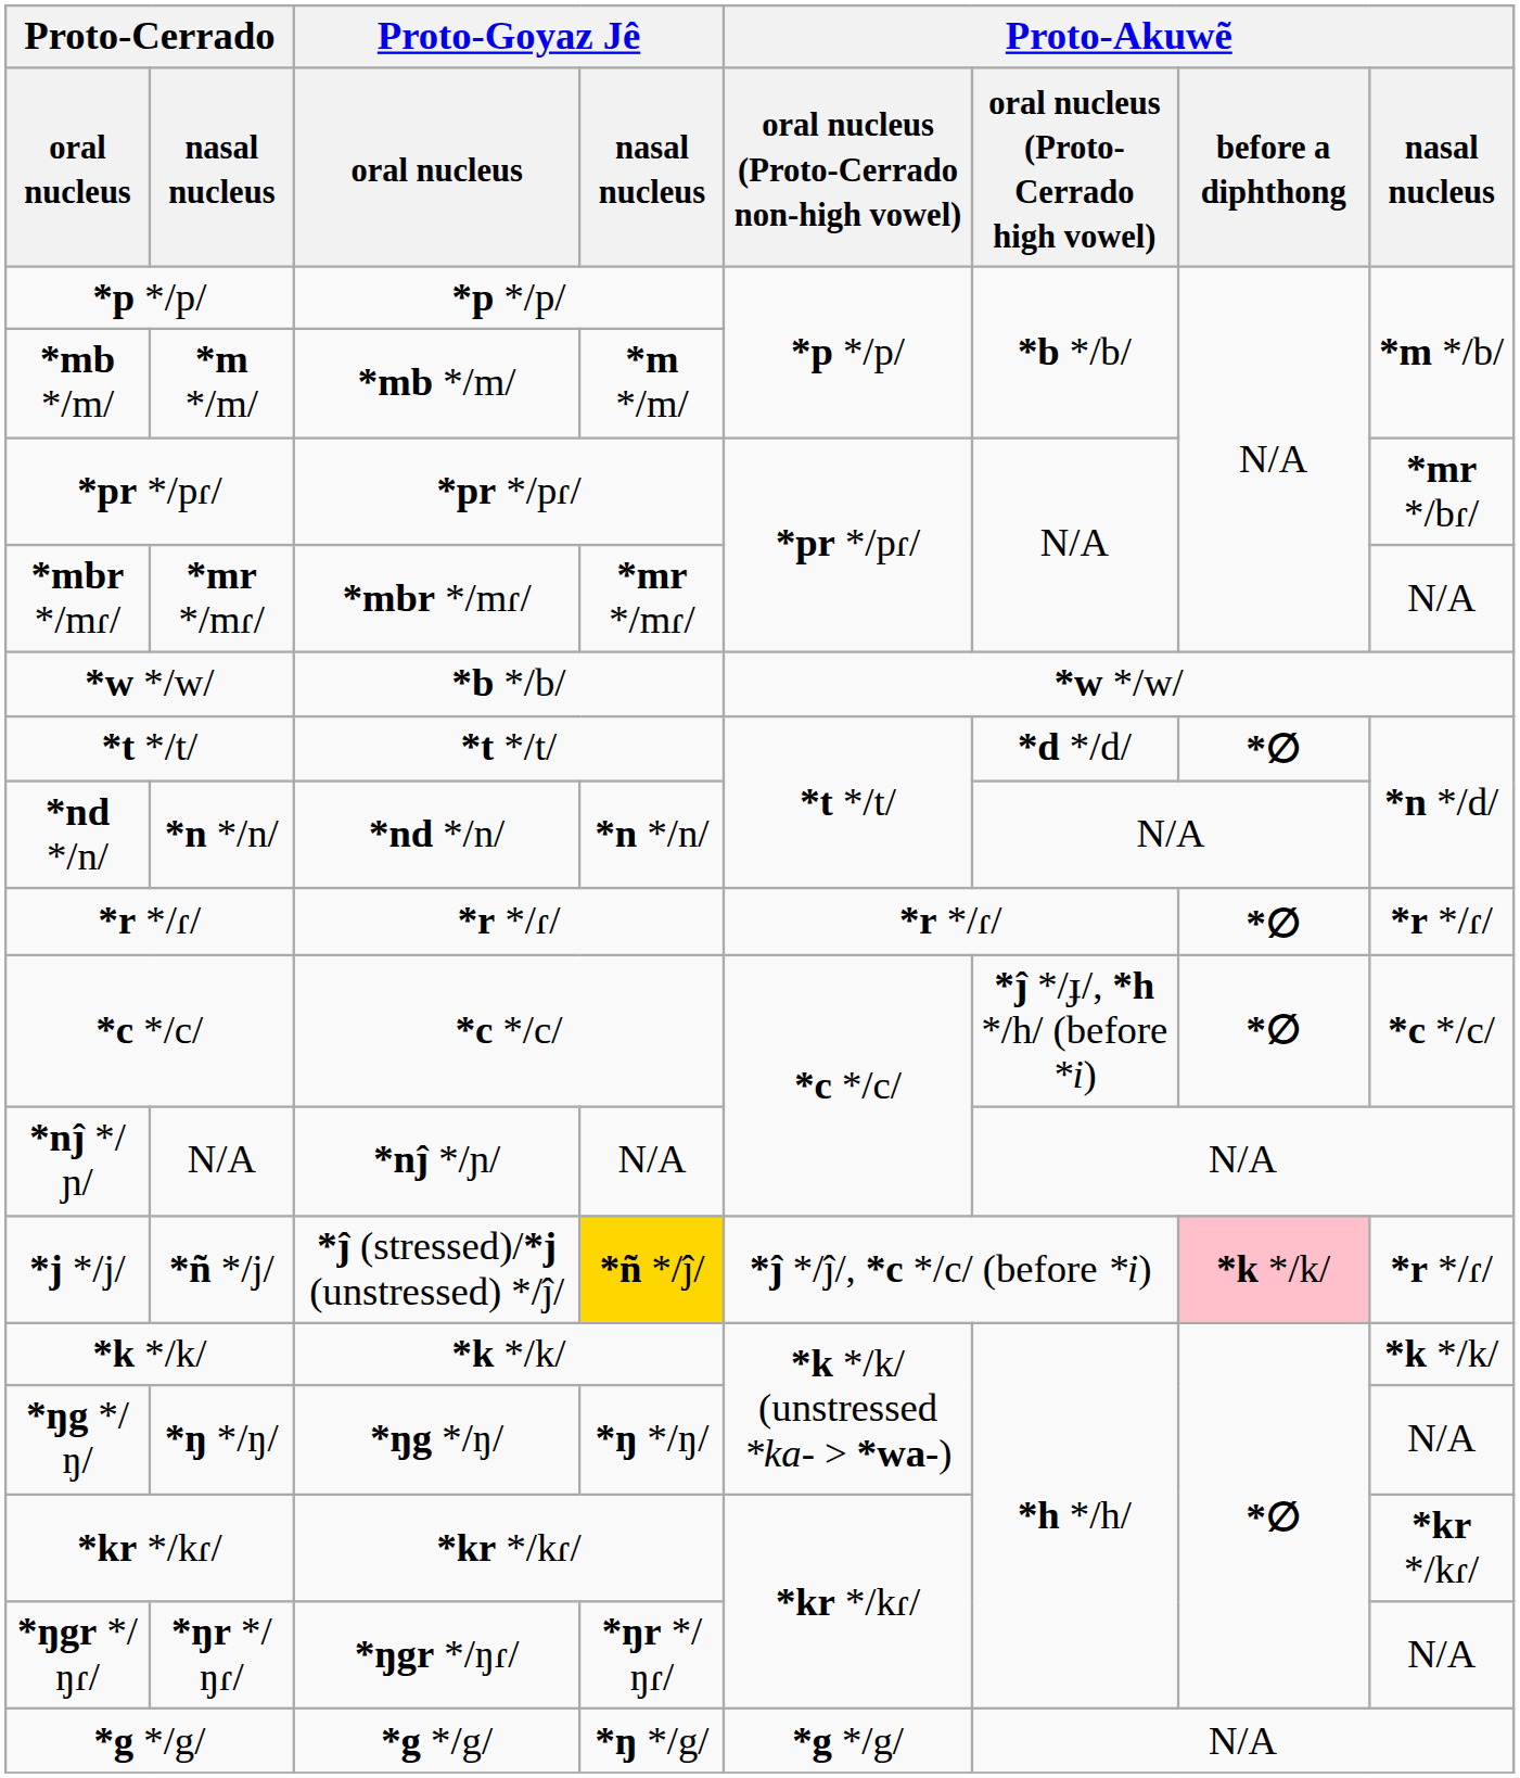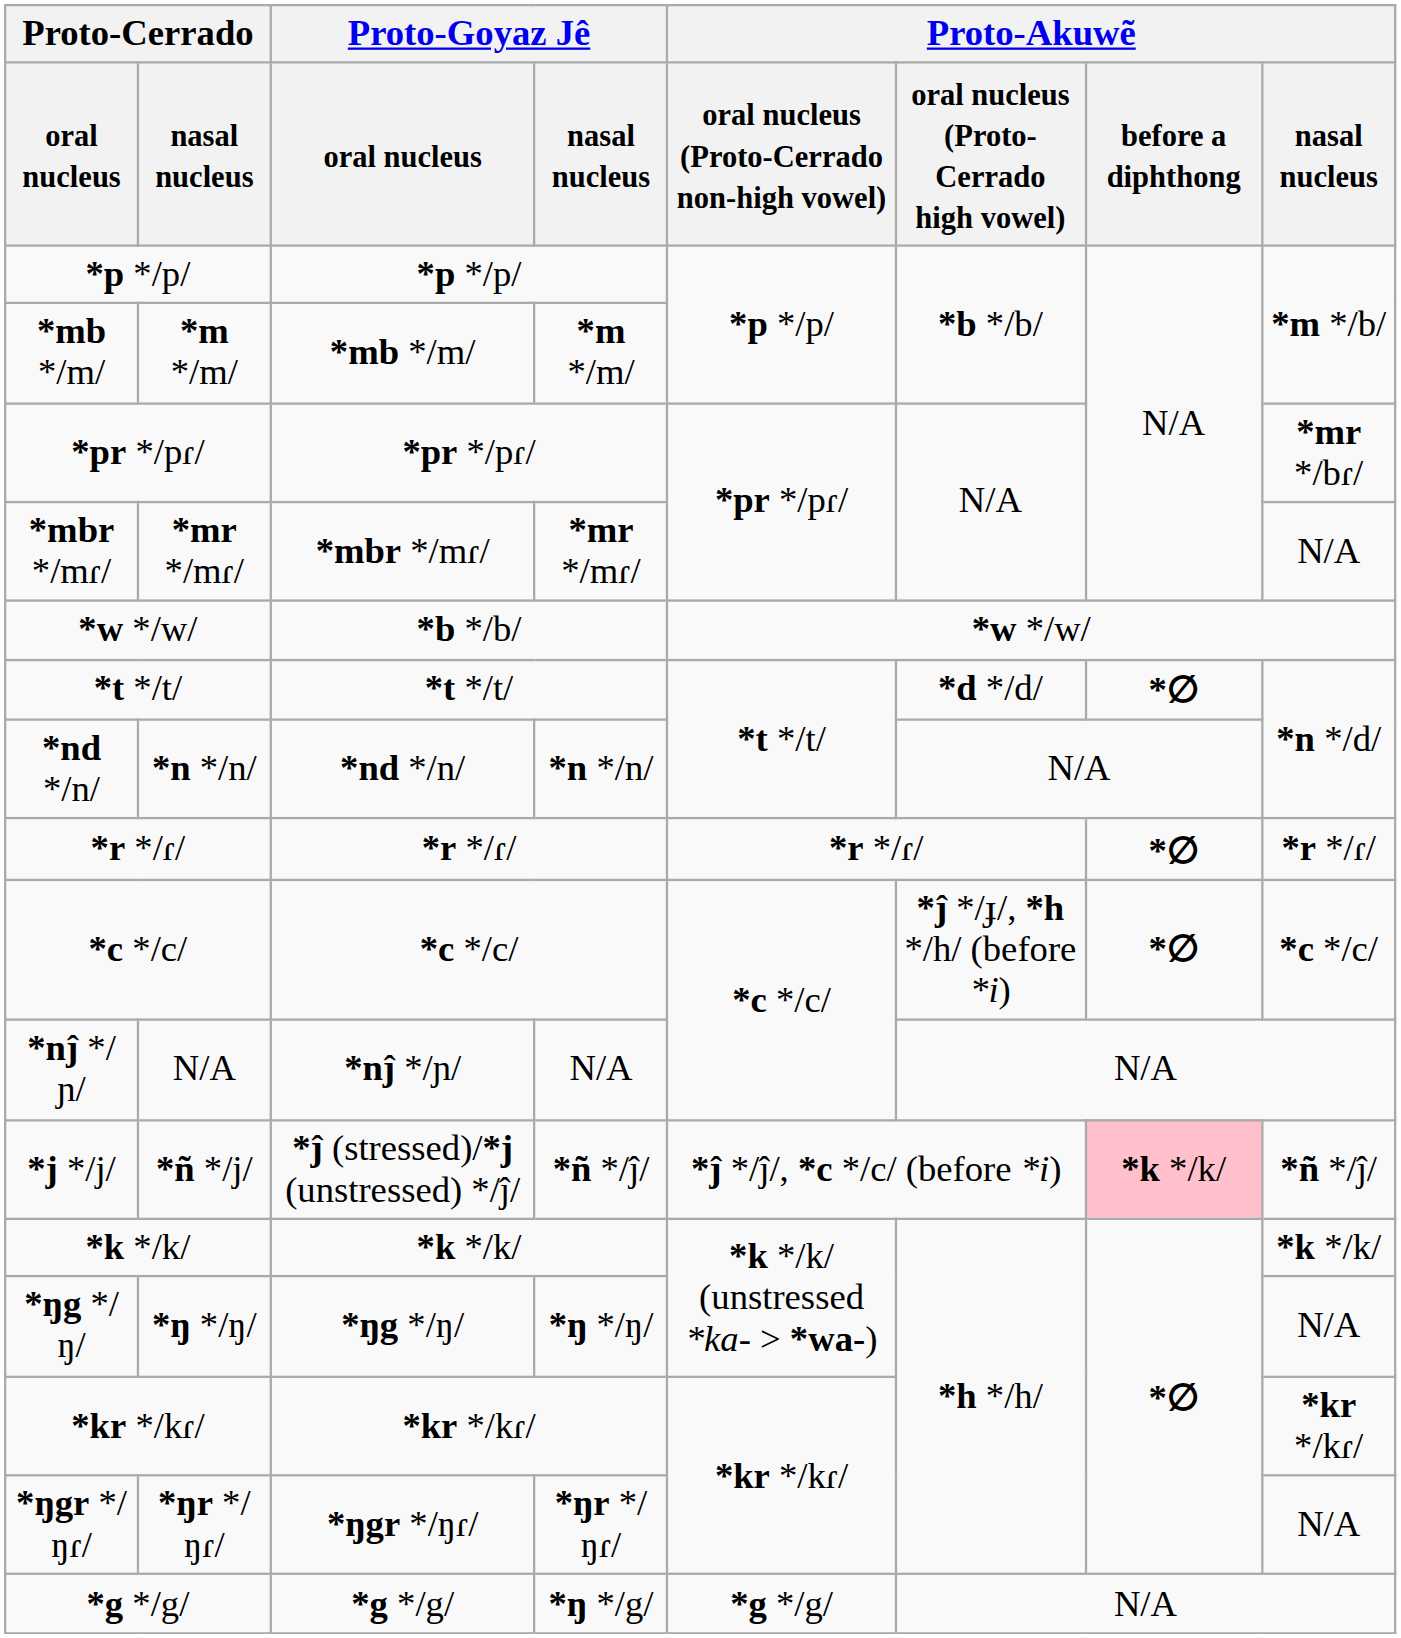 <table class="wikitable" style="text-align: center;">
 <tr>
 <th colspan="2">Proto-Cerrado</th>
 <th colspan="2"><a href='#'>Proto-Goyaz Jê</a></th>
 <th colspan="4"><a href='#'>Proto-Akuwẽ</a></th>
 </tr>
 <tr>
 <th><small>oral nucleus</small></th>
 <th><small>nasal nucleus</small></th>
 <th><small>oral nucleus</small></th>
 <th><small>nasal nucleus</small></th>
 <th><small>oral nucleus<br>(Proto-Cerrado<br>non-high vowel)</small></th>
 <th><small>oral nucleus<br>(Proto-Cerrado<br>high vowel)</small></th>
 <th><small>before a diphthong</small></th>
 <th><small>nasal nucleus</small></th>
 </tr>
 <tr>
 <td colspan="2"><strong>*p</strong> */p/</td>
 <td colspan="2"><strong>*p</strong> */p/</td>
 <td rowspan="2"><strong>*p</strong> */p/</td>
 <td rowspan="2"><strong>*b</strong> */b/</td>
 <td rowspan="4">N/A</td>
 <td rowspan="2"><strong>*m</strong> */b/</td>
 </tr>
 <tr>
 <td><strong>*mb</strong> */m/</td>
 <td><strong>*m</strong> */m/</td>
 <td><strong>*mb</strong> */m/</td>
 <td><strong>*m</strong> */m/</td>
 </tr>
 <tr>
 <td colspan="2"><strong>*pr</strong> */pɾ/</td>
 <td colspan="2"><strong>*pr</strong> */pɾ/</td>
 <td rowspan="2"><strong>*pr</strong> */pɾ/</td>
 <td rowspan="2">N/A</td>
 <td><strong>*mr</strong> */bɾ/</td>
 </tr>
 <tr>
 <td><strong>*mbr</strong> */mɾ/</td>
 <td><strong>*mr</strong> */mɾ/</td>
 <td><strong>*mbr</strong> */mɾ/</td>
 <td><strong>*mr</strong> */mɾ/</td>
 <td>N/A</td>
 </tr>
 <tr>
 <td colspan="2"><strong>*w</strong> */w/</td>
 <td colspan="2"><strong>*b</strong> */b/</td>
 <td colspan="4"><strong>*w</strong> */w/</td>
 </tr>
 <tr>
 <td colspan="2"><strong>*t</strong> */t/</td>
 <td colspan="2"><strong>*t</strong> */t/</td>
 <td rowspan="2"><strong>*t</strong> */t/</td>
 <td><strong>*d</strong> */d/</td>
 <td><strong>*∅</strong></td>
 <td rowspan="2"><strong>*n</strong> */d/</td>
 </tr>
 <tr>
 <td><strong>*nd</strong> */n/</td>
 <td><strong>*n</strong> */n/</td>
 <td><strong>*nd</strong> */n/</td>
 <td><strong>*n</strong> */n/</td>
 <td colspan="2">N/A</td>
 </tr>
 <tr>
 <td colspan="2"><strong>*r</strong> */ɾ/</td>
 <td colspan="2"><strong>*r</strong> */ɾ/</td>
 <td colspan="2"><strong>*r</strong> */ɾ/</td>
 <td><strong>*∅</strong></td>
 <td><strong>*r</strong> */ɾ/</td>
 </tr>
 <tr>
 <td colspan="2"><strong>*c</strong> */c/</td>
 <td colspan="2"><strong>*c</strong> */c/</td>
 <td rowspan="2"><strong>*c</strong> */c/</td>
 <td><strong>*ĵ</strong> */ɟ/, <strong>*h</strong> */h/ (before <em>*i</em>)</td>
 <td><strong>*∅</strong></td>
 <td><strong>*c</strong> */c/</td>
 </tr>
 <tr>
 <td><strong>*nĵ</strong> */ɲ/</td>
 <td>N/A</td>
 <td><strong>*nĵ</strong> */ɲ/</td>
 <td>N/A</td>
 <td colspan="3">N/A</td>
 </tr>
 <tr>
 <td><strong>*j</strong> */j/</td>
 <td><strong>*ñ</strong> */j/</td>
 <td><strong>*ĵ</strong> (stressed)/<strong>*j</strong> (unstressed) */ĵ/</td>
-<td style="background: gold;"><strong>*ñ</strong> */ĵ/</td>
+<td><strong>*ñ</strong> */ĵ/</td>
 <td colspan="2"><strong>*ĵ</strong> */ĵ/, <strong>*c</strong> */c/ (before <em>*i</em>)</td>
 <td style="background: pink;"><strong>*k</strong> */k/</td>
-<td><strong>*r</strong> */ɾ/</td>
+<td><strong>*ñ</strong> */ĵ/</td>
 </tr>
 <tr>
 <td colspan="2"><strong>*k</strong> */k/</td>
 <td colspan="2"><strong>*k</strong> */k/</td>
 <td rowspan="2"><strong>*k</strong> */k/<br>(unstressed <em>*ka-</em> > <strong>*wa-</strong>)</td>
 <td rowspan="4"><strong>*h</strong> */h/</td>
 <td rowspan="4"><strong>*∅</strong></td>
 <td><strong>*k</strong> */k/</td>
 </tr>
 <tr>
 <td><strong>*ŋg</strong> */ŋ/</td>
 <td><strong>*ŋ</strong> */ŋ/</td>
 <td><strong>*ŋg</strong> */ŋ/</td>
 <td><strong>*ŋ</strong> */ŋ/</td>
 <td>N/A</td>
 </tr>
 <tr>
 <td colspan="2"><strong>*kr</strong> */kɾ/</td>
 <td colspan="2"><strong>*kr</strong> */kɾ/</td>
 <td rowspan="2"><strong>*kr</strong> */kɾ/</td>
 <td><strong>*kr</strong> */kɾ/</td>
 </tr>
 <tr>
 <td><strong>*ŋgr</strong> */ŋɾ/</td>
 <td><strong>*ŋr</strong> */ŋɾ/</td>
 <td><strong>*ŋgr</strong> */ŋɾ/</td>
 <td><strong>*ŋr</strong> */ŋɾ/</td>
 <td>N/A</td>
 </tr>
 <tr>
 <td colspan="2"><strong>*g</strong> */g/</td>
 <td><strong>*g</strong> */g/</td>
 <td><strong>*ŋ</strong> */g/</td>
 <td><strong>*g</strong> */g/</td>
 <td colspan="3">N/A</td>
 </tr>
 </table>
